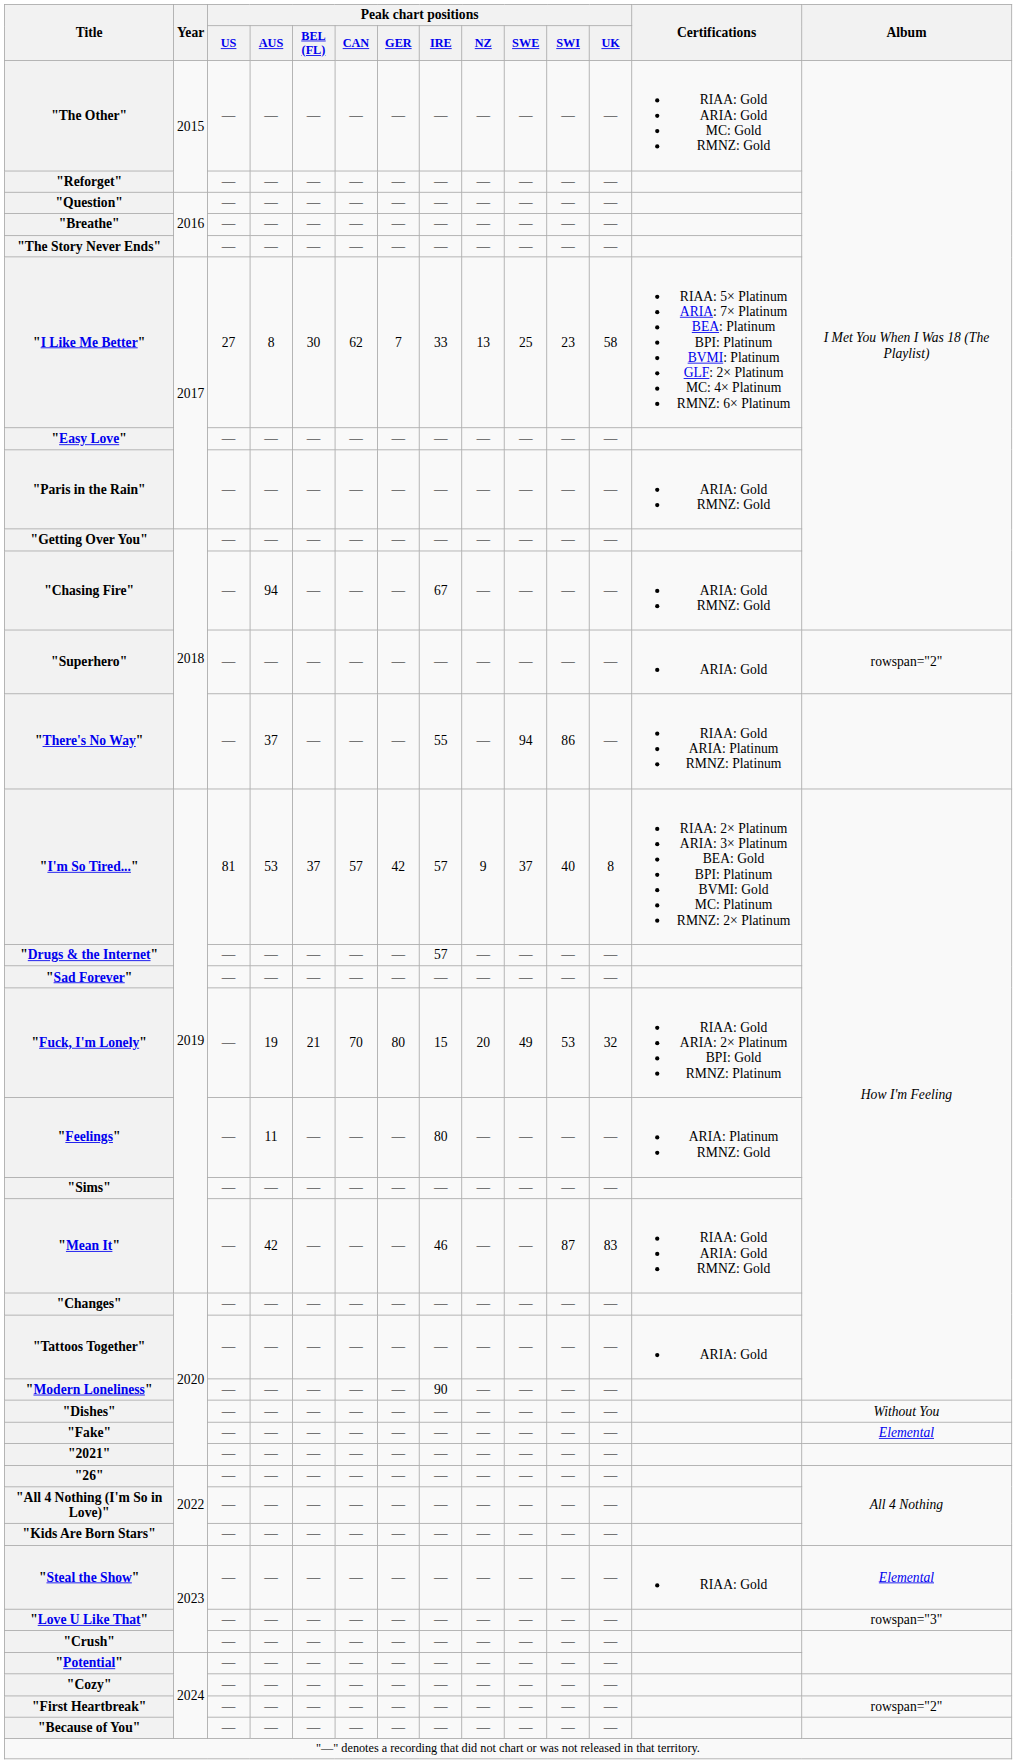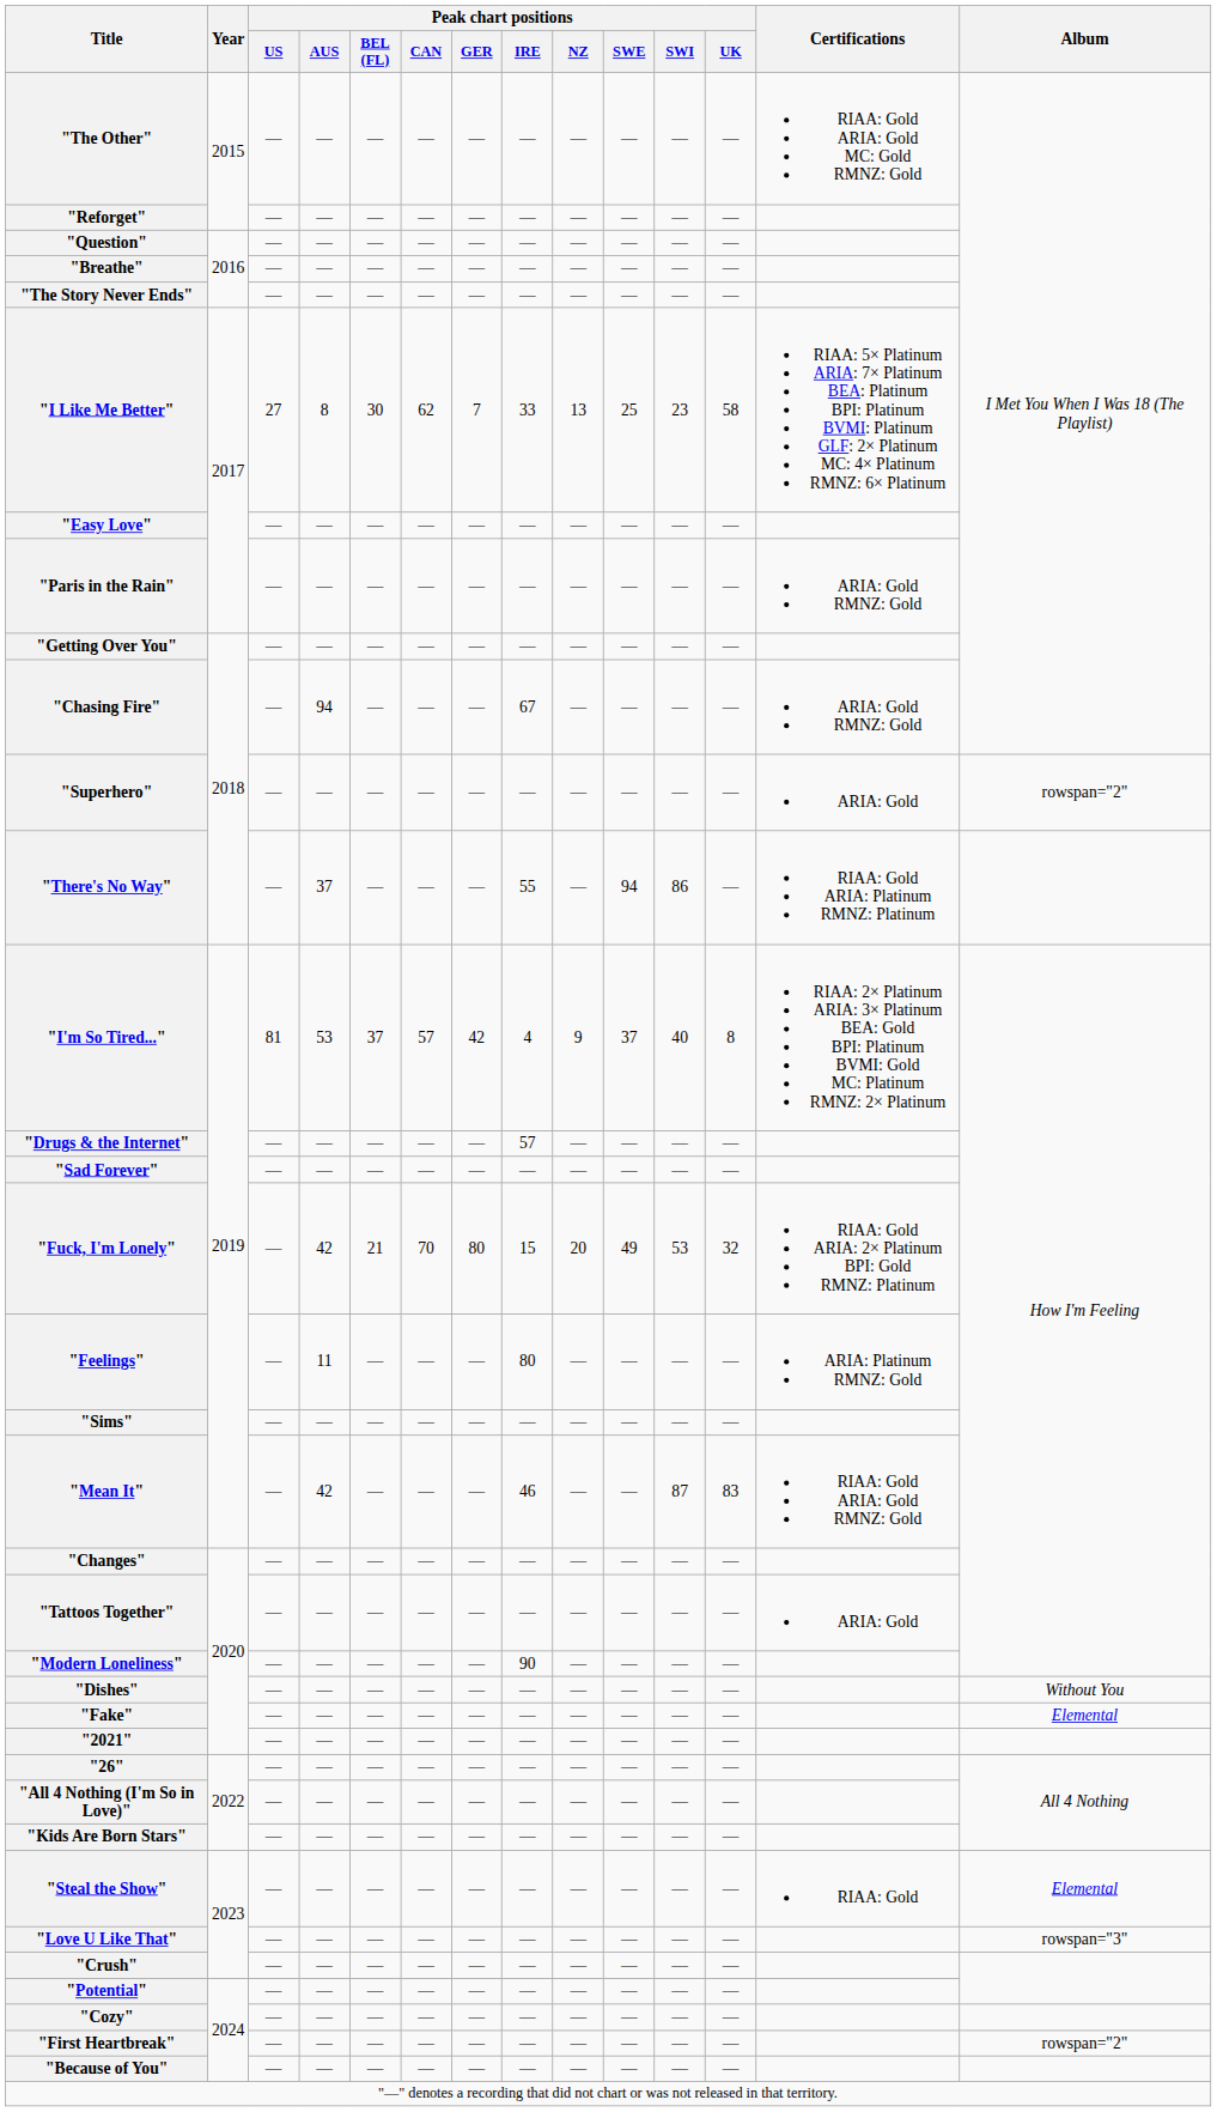 <table class="wikitable plainrowheaders" style="text-align:center">
 <tr>
 <th scope="col" rowspan="2" style="width:12em;">Title</th>
 <th scope="col" rowspan="2" style="width:1em;">Year</th>
 <th scope="col" colspan="10">Peak chart positions</th>
 <th scope="col" rowspan="2" style="width:12em;">Certifications</th>
 <th scope="col" rowspan="2" style="width:15em;">Album</th>
 </tr>
 <tr>
 <th scope="col" style="width:3em;font-size:90%;"><a href='#'>US</a><br></th>
 <th scope="col" style="width:3em;font-size:90%;"><a href='#'>AUS</a><br></th>
 <th scope="col" style="width:3em;font-size:90%;"><a href='#'>BEL <br>(FL)</a><br></th>
 <th scope="col" style="width:3em;font-size:90%;"><a href='#'>CAN</a><br></th>
 <th scope="col" style="width:3em;font-size:90%;"><a href='#'>GER</a><br></th>
 <th scope="col" style="width:3em;font-size:90%;"><a href='#'>IRE</a><br></th>
 <th scope="col" style="width:3em;font-size:90%;"><a href='#'>NZ</a><br></th>
 <th scope="col" style="width:3em;font-size:90%;"><a href='#'>SWE</a><br></th>
 <th scope="col" style="width:3em;font-size:90%;"><a href='#'>SWI</a><br></th>
 <th scope="col" style="width:3em;font-size:90%;"><a href='#'>UK</a><br></th>
 </tr>
 <tr>
 <th scope="row">"The Other"</th>
 <td rowspan="2">2015</td>
 <td>—</td>
 <td>—</td>
 <td>—</td>
 <td>—</td>
 <td>—</td>
 <td>—</td>
 <td>—</td>
 <td>—</td>
 <td>—</td>
 <td>—</td>
 <td><br><ul><li>RIAA: Gold</li><li>ARIA: Gold</li><li>MC: Gold</li><li>RMNZ: Gold</li></ul></td>
 <td rowspan="10"><em>I Met You When I Was 18 (The Playlist)</em></td>
 </tr>
 <tr>
 <th scope="row">"Reforget"</th>
 <td>—</td>
 <td>—</td>
 <td>—</td>
 <td>—</td>
 <td>—</td>
 <td>—</td>
 <td>—</td>
 <td>—</td>
 <td>—</td>
 <td>—</td>
 <td></td>
 </tr>
 <tr>
 <th scope="row">"Question"<br></th>
 <td rowspan="3">2016</td>
 <td>—</td>
 <td>—</td>
 <td>—</td>
 <td>—</td>
 <td>—</td>
 <td>—</td>
 <td>—</td>
 <td>—</td>
 <td>—</td>
 <td>—</td>
 <td></td>
 </tr>
 <tr>
 <th scope="row">"Breathe"</th>
 <td>—</td>
 <td>—</td>
 <td>—</td>
 <td>—</td>
 <td>—</td>
 <td>—</td>
 <td>—</td>
 <td>—</td>
 <td>—</td>
 <td>—</td>
 <td></td>
 </tr>
 <tr>
 <th scope="row">"The Story Never Ends"</th>
 <td>—</td>
 <td>—</td>
 <td>—</td>
 <td>—</td>
 <td>—</td>
 <td>—</td>
 <td>—</td>
 <td>—</td>
 <td>—</td>
 <td>—</td>
 <td></td>
 </tr>
 <tr>
 <th scope="row">"<a href='#'>I Like Me Better</a>"</th>
 <td rowspan="3">2017</td>
 <td>27</td>
 <td>8</td>
 <td>30</td>
 <td>62</td>
 <td>7</td>
 <td>33</td>
 <td>13</td>
 <td>25</td>
 <td>23</td>
 <td>58</td>
 <td><br><ul><li>RIAA: 5× Platinum</li><li><a href='#'>ARIA</a>: 7× Platinum</li><li><a href='#'>BEA</a>: Platinum</li><li>BPI: Platinum</li><li><a href='#'>BVMI</a>: Platinum</li><li><a href='#'>GLF</a>: 2× Platinum</li><li>MC: 4× Platinum</li><li>RMNZ: 6× Platinum</li></ul></td>
 </tr>
 <tr>
 <th scope="row">"<a href='#'>Easy Love</a>"</th>
 <td>—</td>
 <td>—</td>
 <td>—</td>
 <td>—</td>
 <td>—</td>
 <td>—</td>
 <td>—</td>
 <td>—</td>
 <td>—</td>
 <td>—</td>
 <td></td>
 </tr>
 <tr>
 <th scope="row">"Paris in the Rain"</th>
 <td>—</td>
 <td>—</td>
 <td>—</td>
 <td>—</td>
 <td>—</td>
 <td>—</td>
 <td>—</td>
 <td>—</td>
 <td>—</td>
 <td>—</td>
 <td><br><ul><li>ARIA: Gold</li><li>RMNZ: Gold</li></ul></td>
 </tr>
 <tr>
 <th scope="row">"Getting Over You"</th>
 <td rowspan="4">2018</td>
 <td>—</td>
 <td>—</td>
 <td>—</td>
 <td>—</td>
 <td>—</td>
 <td>—</td>
 <td>—</td>
 <td>—</td>
 <td>—</td>
 <td>—</td>
 <td></td>
 </tr>
 <tr>
 <th scope="row">"Chasing Fire"</th>
 <td>—</td>
 <td>94</td>
 <td>—</td>
 <td>—</td>
 <td>—</td>
 <td>67</td>
 <td>—</td>
 <td>—</td>
 <td>—</td>
 <td>—</td>
 <td><br><ul><li>ARIA: Gold</li><li>RMNZ: Gold</li></ul></td>
 </tr>
 <tr>
 <th scope="row">"Superhero"</th>
 <td>—</td>
 <td>—</td>
 <td>—</td>
 <td>—</td>
 <td>—</td>
 <td>—</td>
 <td>—</td>
 <td>—</td>
 <td>—</td>
 <td>—</td>
 <td><br><ul><li>ARIA: Gold</li></ul></td>
 <td>rowspan="2" </td>
 </tr>
 <tr>
 <th scope="row">"<a href='#'>There's No Way</a>"<br></th>
 <td>—</td>
 <td>37</td>
 <td>—</td>
 <td>—</td>
 <td>—</td>
 <td>55</td>
 <td>—</td>
 <td>94</td>
 <td>86</td>
 <td>—</td>
 <td><br><ul><li>RIAA: Gold</li><li>ARIA: Platinum</li><li>RMNZ: Platinum</li></ul></td>
 </tr>
 <tr>
 <th scope="row">"<a href='#'>I'm So Tired...</a>"<br></th>
 <td rowspan="7">2019</td>
 <td>81</td>
 <td>53</td>
 <td>37</td>
 <td>57</td>
 <td>42</td>
-<td>57</td>
+<td>4</td>
 <td>9</td>
 <td>37</td>
 <td>40</td>
 <td>8</td>
 <td><br><ul><li>RIAA: 2× Platinum</li><li>ARIA: 3× Platinum</li><li>BEA: Gold</li><li>BPI: Platinum</li><li>BVMI: Gold</li><li>MC: Platinum</li><li>RMNZ: 2× Platinum</li></ul></td>
 <td rowspan="10"><em>How I'm Feeling</em></td>
 </tr>
 <tr>
 <th scope="row">"<a href='#'>Drugs & the Internet</a>"</th>
 <td>—</td>
 <td>—</td>
 <td>—</td>
 <td>—</td>
 <td>—</td>
 <td>57</td>
 <td>—</td>
 <td>—</td>
 <td>—</td>
 <td>—</td>
 <td></td>
 </tr>
 <tr>
 <th scope="row">"<a href='#'>Sad Forever</a>"</th>
 <td>—</td>
 <td>—</td>
 <td>—</td>
 <td>—</td>
 <td>—</td>
 <td>—</td>
 <td>—</td>
 <td>—</td>
 <td>—</td>
 <td>—</td>
 <td></td>
 </tr>
 <tr>
 <th scope="row">"<a href='#'>Fuck, I'm Lonely</a>"<br></th>
 <td>—</td>
-<td>19</td>
+<td>42</td>
 <td>21</td>
 <td>70</td>
 <td>80</td>
 <td>15</td>
 <td>20</td>
 <td>49</td>
 <td>53</td>
 <td>32</td>
 <td><br><ul><li>RIAA: Gold</li><li>ARIA: 2× Platinum</li><li>BPI: Gold</li><li>RMNZ: Platinum</li></ul></td>
 </tr>
 <tr>
 <th scope="row">"<a href='#'>Feelings</a>"</th>
 <td>—</td>
 <td>11</td>
 <td>—</td>
 <td>—</td>
 <td>—</td>
 <td>80</td>
 <td>—</td>
 <td>—</td>
 <td>—</td>
 <td>—</td>
 <td><br><ul><li>ARIA: Platinum</li><li>RMNZ: Gold</li></ul></td>
 </tr>
 <tr>
 <th scope="row">"Sims"</th>
 <td>—</td>
 <td>—</td>
 <td>—</td>
 <td>—</td>
 <td>—</td>
 <td>—</td>
 <td>—</td>
 <td>—</td>
 <td>—</td>
 <td>—</td>
 <td></td>
 </tr>
 <tr>
 <th scope="row">"<a href='#'>Mean It</a>"<br></th>
 <td>—</td>
 <td>42</td>
 <td>—</td>
 <td>—</td>
 <td>—</td>
 <td>46</td>
 <td>—</td>
 <td>—</td>
 <td>87</td>
 <td>83</td>
 <td><br><ul><li>RIAA: Gold</li><li>ARIA: Gold</li><li>RMNZ: Gold</li></ul></td>
 </tr>
 <tr>
 <th scope="row">"Changes"</th>
 <td rowspan="6">2020</td>
 <td>—</td>
 <td>—</td>
 <td>—</td>
 <td>—</td>
 <td>—</td>
 <td>—</td>
 <td>—</td>
 <td>—</td>
 <td>—</td>
 <td>—</td>
 <td></td>
 </tr>
 <tr>
 <th scope="row">"Tattoos Together"</th>
 <td>—</td>
 <td>—</td>
 <td>—</td>
 <td>—</td>
 <td>—</td>
 <td>—</td>
 <td>—</td>
 <td>—</td>
 <td>—</td>
 <td>—</td>
 <td><br><ul><li>ARIA: Gold</li></ul></td>
 </tr>
 <tr>
 <th scope="row">"<a href='#'>Modern Loneliness</a>"</th>
 <td>—</td>
 <td>—</td>
 <td>—</td>
 <td>—</td>
 <td>—</td>
 <td>90</td>
 <td>—</td>
 <td>—</td>
 <td>—</td>
 <td>—</td>
 <td></td>
 </tr>
 <tr>
 <th scope="row">"Dishes"</th>
 <td>—</td>
 <td>—</td>
 <td>—</td>
 <td>—</td>
 <td>—</td>
 <td>—</td>
 <td>—</td>
 <td>—</td>
 <td>—</td>
 <td>—</td>
 <td></td>
 <td><em>Without You</em></td>
 </tr>
 <tr>
 <th scope="row">"Fake"<br></th>
 <td>—</td>
 <td>—</td>
 <td>—</td>
 <td>—</td>
 <td>—</td>
 <td>—</td>
 <td>—</td>
 <td>—</td>
 <td>—</td>
 <td>—</td>
 <td></td>
 <td><em><a href='#'>Elemental</a></em></td>
 </tr>
 <tr>
 <th scope="row">"2021"</th>
 <td>—</td>
 <td>—</td>
 <td>—</td>
 <td>—</td>
 <td>—</td>
 <td>—</td>
 <td>—</td>
 <td>—</td>
 <td>—</td>
 <td>—</td>
 <td></td>
 </tr>
 <tr>
 <th scope="row">"26"</th>
 <td rowspan="3">2022</td>
 <td>—</td>
 <td>—</td>
 <td>—</td>
 <td>—</td>
 <td>—</td>
 <td>—</td>
 <td>—</td>
 <td>—</td>
 <td>—</td>
 <td>—</td>
 <td></td>
 <td rowspan="3"><em>All 4 Nothing</em></td>
 </tr>
 <tr>
 <th scope="row">"All 4 Nothing (I'm So in Love)"</th>
 <td>—</td>
 <td>—</td>
 <td>—</td>
 <td>—</td>
 <td>—</td>
 <td>—</td>
 <td>—</td>
 <td>—</td>
 <td>—</td>
 <td>—</td>
 <td></td>
 </tr>
 <tr>
 <th scope="row">"Kids Are Born Stars"</th>
 <td>—</td>
 <td>—</td>
 <td>—</td>
 <td>—</td>
 <td>—</td>
 <td>—</td>
 <td>—</td>
 <td>—</td>
 <td>—</td>
 <td>—</td>
 <td></td>
 </tr>
 <tr>
 <th scope="row">"<a href='#'>Steal the Show</a>"</th>
 <td rowspan="3">2023</td>
 <td>—</td>
 <td>—</td>
 <td>—</td>
 <td>—</td>
 <td>—</td>
 <td>—</td>
 <td>—</td>
 <td>—</td>
 <td>—</td>
 <td>—</td>
 <td><br><ul><li>RIAA: Gold</li></ul></td>
 <td><em><a href='#'>Elemental</a></em></td>
 </tr>
 <tr>
 <th scope="row">"<a href='#'>Love U Like That</a>"</th>
 <td>—</td>
 <td>—</td>
 <td>—</td>
 <td>—</td>
 <td>—</td>
 <td>—</td>
 <td>—</td>
 <td>—</td>
 <td>—</td>
 <td>—</td>
 <td></td>
 <td>rowspan="3" </td>
 </tr>
 <tr>
 <th scope="row">"Crush"<br></th>
 <td>—</td>
 <td>—</td>
 <td>—</td>
 <td>—</td>
 <td>—</td>
 <td>—</td>
 <td>—</td>
 <td>—</td>
 <td>—</td>
 <td>—</td>
 <td></td>
 </tr>
 <tr>
 <th scope="row">"<a href='#'>Potential</a>"</th>
 <td rowspan="4">2024</td>
 <td>—</td>
 <td>—</td>
 <td>—</td>
 <td>—</td>
 <td>—</td>
 <td>—</td>
 <td>—</td>
 <td>—</td>
 <td>—</td>
 <td>—</td>
 <td></td>
 </tr>
 <tr>
 <th scope="row">"Cozy"<br></th>
 <td>—</td>
 <td>—</td>
 <td>—</td>
 <td>—</td>
 <td>—</td>
 <td>—</td>
 <td>—</td>
 <td>—</td>
 <td>—</td>
 <td>—</td>
 <td></td>
 <td></td>
 </tr>
 <tr>
 <th scope="row">"First Heartbreak"</th>
 <td>—</td>
 <td>—</td>
 <td>—</td>
 <td>—</td>
 <td>—</td>
 <td>—</td>
 <td>—</td>
 <td>—</td>
 <td>—</td>
 <td>—</td>
 <td></td>
 <td>rowspan="2" </td>
 </tr>
 <tr>
 <th scope="row">"Because of You"</th>
 <td>—</td>
 <td>—</td>
 <td>—</td>
 <td>—</td>
 <td>—</td>
 <td>—</td>
 <td>—</td>
 <td>—</td>
 <td>—</td>
 <td>—</td>
 <td></td>
 </tr>
 <tr>
 <td colspan="14" style="font-size:90%">"—" denotes a recording that did not chart or was not released in that territory.</td>
 </tr>
 </table>
